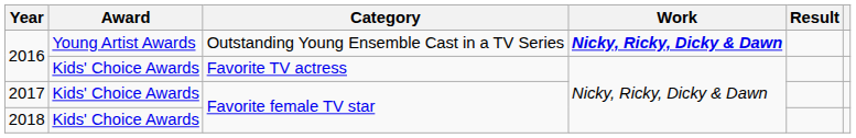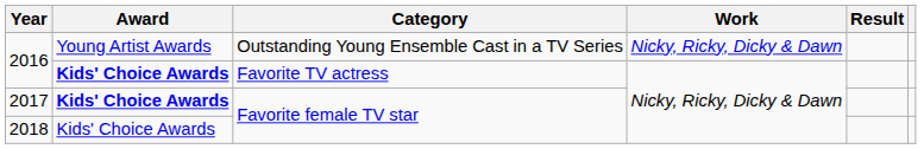 <table class="wikitable">
 <tr>
 <th>Year</th>
 <th>Award</th>
 <th>Category</th>
 <th>Work</th>
 <th>Result</th>
 <th></th>
 </tr>
 <tr>
 <td rowspan="2">2016</td>
 <td><a href='#'>Young Artist Awards</a></td>
 <td>Outstanding Young Ensemble Cast in a TV Series</td>
-<td><strong><em><a href='#'>Nicky, Ricky, Dicky & Dawn</a></em><br></strong></td>
+<td><em><a href='#'>Nicky, Ricky, Dicky & Dawn</a></em><br></td>
 <td></td>
 <td></td>
 </tr>
 <tr>
-<td><a href='#'>Kids' Choice Awards</a></td>
+<td><strong><a href='#'>Kids' Choice Awards</a></strong></td>
 <td><a href='#'>Favorite TV actress</a></td>
 <td rowspan=3><em>Nicky, Ricky, Dicky & Dawn</em></td>
 <td></td>
 <td></td>
 </tr>
 <tr>
 <td>2017</td>
-<td><a href='#'>Kids' Choice Awards</a></td>
+<td><strong><a href='#'>Kids' Choice Awards</a></strong></td>
 <td rowspan=2><a href='#'>Favorite female TV star</a></td>
 <td></td>
 <td></td>
 </tr>
 <tr>
 <td>2018</td>
 <td><a href='#'>Kids' Choice Awards</a></td>
 <td></td>
 <td></td>
 </tr>
 </table>
